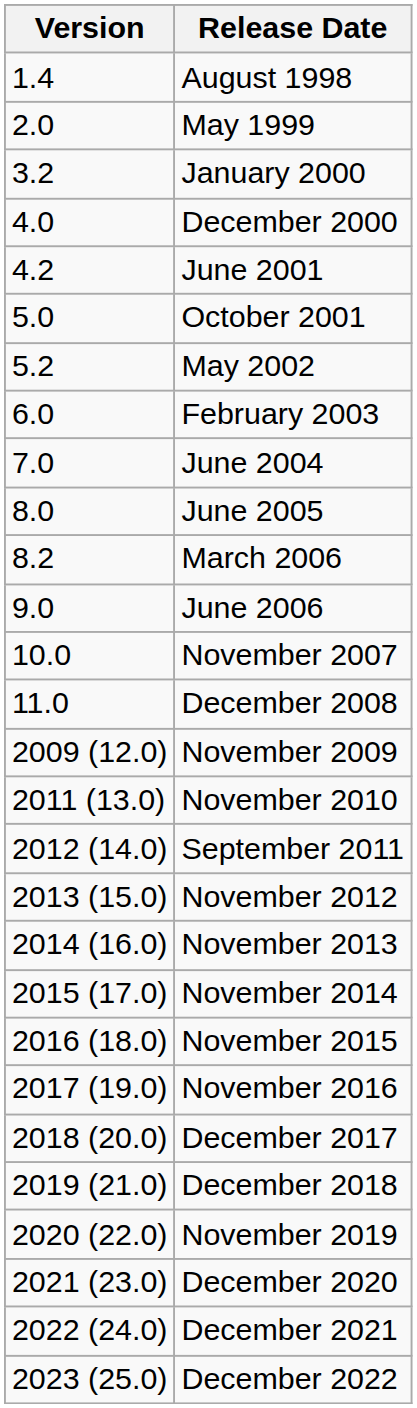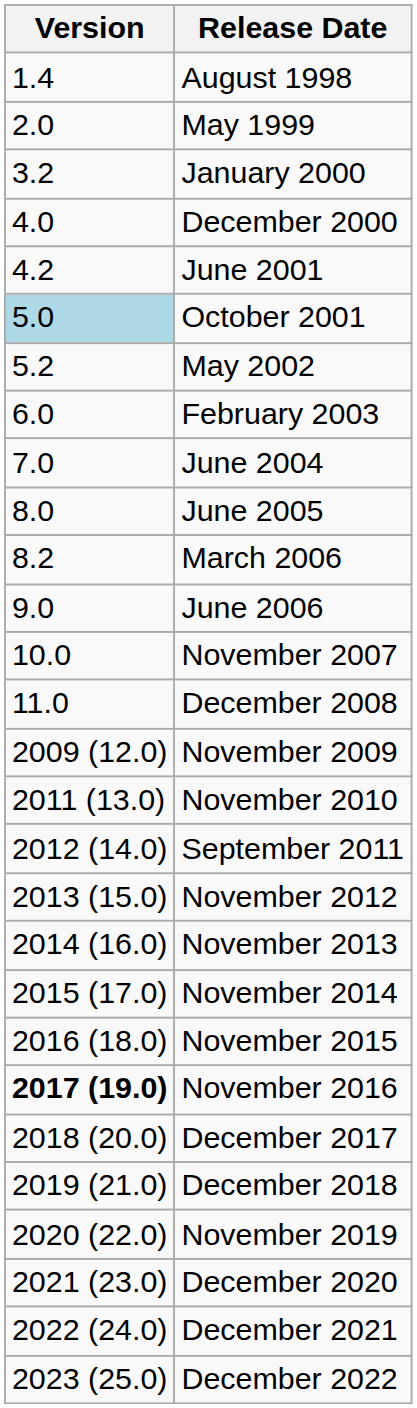 <table class="wikitable">
 <tr>
 <th>Version</th>
 <th>Release Date</th>
 </tr>
 <tr>
 <td>1.4</td>
 <td>August 1998</td>
 </tr>
 <tr>
 <td>2.0</td>
 <td>May 1999</td>
 </tr>
 <tr>
 <td>3.2</td>
 <td>January 2000</td>
 </tr>
 <tr>
 <td>4.0</td>
 <td>December 2000</td>
 </tr>
 <tr>
 <td>4.2</td>
 <td>June 2001</td>
 </tr>
 <tr>
-<td>5.0</td>
+<td style="background: lightblue;">5.0</td>
 <td>October 2001</td>
 </tr>
 <tr>
 <td>5.2</td>
 <td>May 2002</td>
 </tr>
 <tr>
 <td>6.0</td>
 <td>February 2003</td>
 </tr>
 <tr>
 <td>7.0</td>
 <td>June 2004</td>
 </tr>
 <tr>
 <td>8.0</td>
 <td>June 2005</td>
 </tr>
 <tr>
 <td>8.2</td>
 <td>March 2006</td>
 </tr>
 <tr>
 <td>9.0</td>
 <td>June 2006</td>
 </tr>
 <tr>
 <td>10.0</td>
 <td>November 2007</td>
 </tr>
 <tr>
 <td>11.0</td>
 <td>December 2008</td>
 </tr>
 <tr>
 <td>2009 (12.0)</td>
 <td>November 2009</td>
 </tr>
 <tr>
 <td>2011 (13.0)</td>
 <td>November 2010</td>
 </tr>
 <tr>
 <td>2012 (14.0)</td>
 <td>September 2011</td>
 </tr>
 <tr>
 <td>2013 (15.0)</td>
 <td>November 2012</td>
 </tr>
 <tr>
 <td>2014 (16.0)</td>
 <td>November 2013</td>
 </tr>
 <tr>
 <td>2015 (17.0)</td>
 <td>November 2014</td>
 </tr>
 <tr>
 <td>2016 (18.0)</td>
 <td>November 2015</td>
 </tr>
 <tr>
-<td>2017 (19.0)</td>
+<td><strong>2017 (19.0)</strong></td>
 <td>November 2016</td>
 </tr>
 <tr>
 <td>2018 (20.0)</td>
 <td>December 2017</td>
 </tr>
 <tr>
 <td>2019 (21.0)</td>
 <td>December 2018</td>
 </tr>
 <tr>
 <td>2020 (22.0)</td>
 <td>November 2019</td>
 </tr>
 <tr>
 <td>2021 (23.0)</td>
 <td>December 2020</td>
 </tr>
 <tr>
 <td>2022 (24.0)</td>
 <td>December 2021</td>
 </tr>
 <tr>
 <td>2023 (25.0)</td>
 <td>December 2022</td>
 </tr>
 </table>
